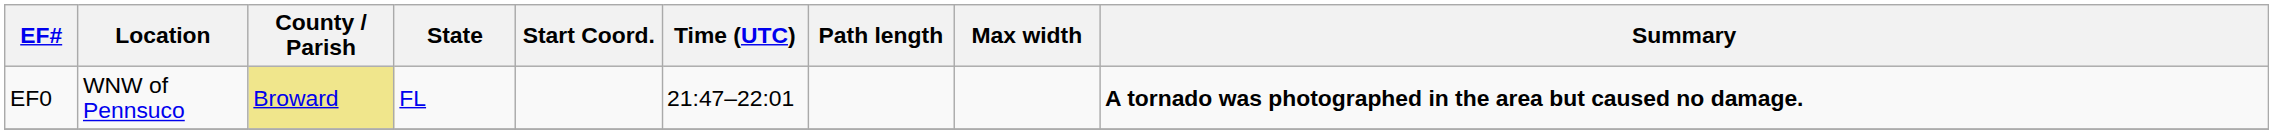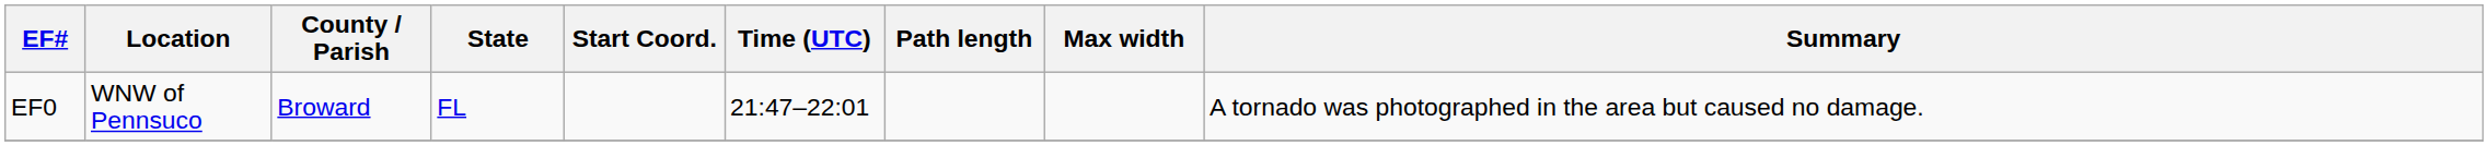 <table class="wikitable sortable" style="width:100%;">
 <tr>
 <th scope="col"  style="width:3%; text-align:center;"><a href='#'>EF#</a></th>
 <th scope="col"  style="width:7%; text-align:center;" class="unsortable">Location</th>
 <th scope="col"  style="width:6%; text-align:center;" class="unsortable">County / Parish</th>
 <th scope="col"  style="width:5%; text-align:center;">State</th>
 <th scope="col"  style="width:6%; text-align:center;">Start Coord.</th>
 <th scope="col"  style="width:6%; text-align:center;">Time (<a href='#'>UTC</a>)</th>
 <th scope="col"  style="width:6%; text-align:center;">Path length</th>
 <th scope="col"  style="width:6%; text-align:center;">Max width</th>
 <th scope="col" class="unsortable" style="width:48%; text-align:center;">Summary</th>
 </tr>
 <tr>
 <td bgcolor=>EF0</td>
 <td>WNW of <a href='#'>Pennsuco</a></td>
-<td style="background: khaki;"><a href='#'>Broward</a></td>
+<td><a href='#'>Broward</a></td>
 <td><a href='#'>FL</a></td>
 <td></td>
 <td>21:47–22:01</td>
 <td></td>
 <td></td>
-<td><strong>A tornado was photographed in the area but caused no damage.</strong></td>
+<td>A tornado was photographed in the area but caused no damage.</td>
 </tr>
 <tr>
 </tr>
 </table>
